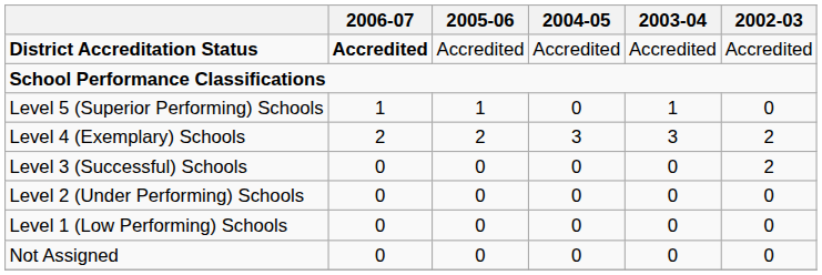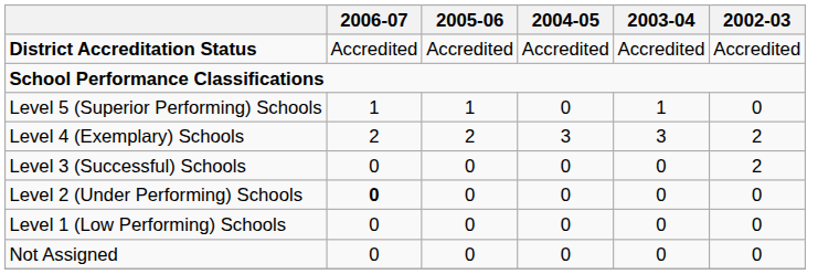 <table class="wikitable" style="font-size: 95%;">
 <tr>
 <th></th>
 <th>2006-07</th>
 <th>2005-06</th>
 <th>2004-05</th>
 <th>2003-04</th>
 <th>2002-03</th>
 </tr>
 <tr>
 <td align="left"><strong>District Accreditation Status</strong></td>
-<td align="center"><strong>Accredited</strong></td>
+<td align="center">Accredited</td>
 <td align="center">Accredited</td>
 <td align="center">Accredited</td>
 <td align="center">Accredited</td>
 <td align="center">Accredited</td>
 </tr>
 <tr>
 <td align="left" colspan="6"><strong>School Performance Classifications</strong></td>
 </tr>
 <tr>
 <td align="left">Level 5 (Superior Performing) Schools</td>
 <td align="center">1</td>
 <td align="center">1</td>
 <td align="center">0</td>
 <td align="center">1</td>
 <td align="center">0</td>
 </tr>
 <tr>
 <td align="left">Level 4 (Exemplary) Schools</td>
 <td align="center">2</td>
 <td align="center">2</td>
 <td align="center">3</td>
 <td align="center">3</td>
 <td align="center">2</td>
 </tr>
 <tr>
 <td align="left">Level 3 (Successful) Schools</td>
 <td align="center">0</td>
 <td align="center">0</td>
 <td align="center">0</td>
 <td align="center">0</td>
 <td align="center">2</td>
 </tr>
 <tr>
 <td align="left">Level 2 (Under Performing) Schools</td>
-<td align="center">0</td>
+<td align="center"><strong>0</strong></td>
 <td align="center">0</td>
 <td align="center">0</td>
 <td align="center">0</td>
 <td align="center">0</td>
 </tr>
 <tr>
 <td align="left">Level 1 (Low Performing) Schools</td>
 <td align="center">0</td>
 <td align="center">0</td>
 <td align="center">0</td>
 <td align="center">0</td>
 <td align="center">0</td>
 </tr>
 <tr>
 <td align="left">Not Assigned</td>
 <td align="center">0</td>
 <td align="center">0</td>
 <td align="center">0</td>
 <td align="center">0</td>
 <td align="center">0</td>
 </tr>
 <tr>
 </tr>
 </table>
